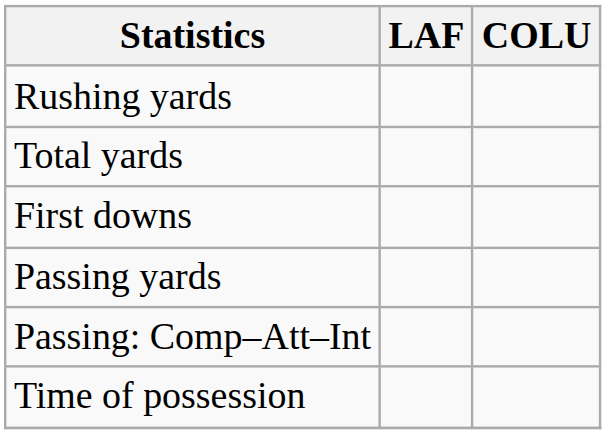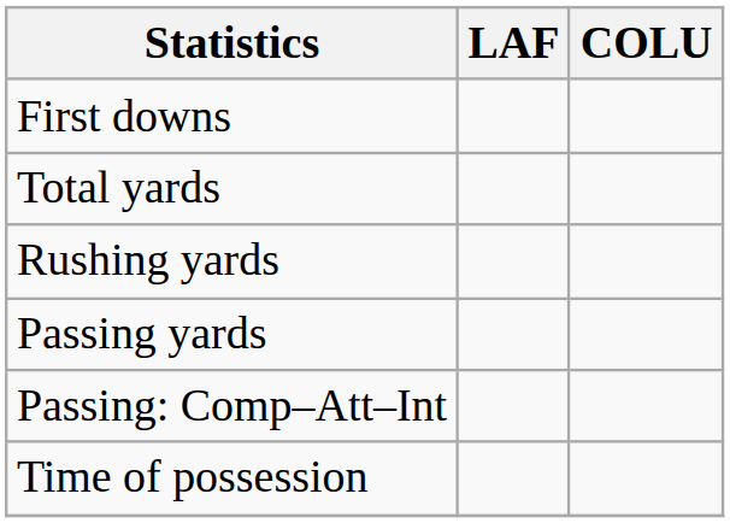 <table class="wikitable" style="float: left;">
 <tr>
 <th>Statistics</th>
 <th>LAF</th>
 <th>COLU</th>
 </tr>
 <tr>
-<td>Rushing yards</td>
+<td>First downs</td>
 <td></td>
 <td></td>
 </tr>
 <tr>
 <td>Total yards</td>
 <td></td>
 <td></td>
 </tr>
 <tr>
-<td>First downs</td>
+<td>Rushing yards</td>
 <td></td>
 <td></td>
 </tr>
 <tr>
 <td>Passing yards</td>
 <td></td>
 <td></td>
 </tr>
 <tr>
 <td>Passing: Comp–Att–Int</td>
 <td></td>
 <td></td>
 </tr>
 <tr>
 <td>Time of possession</td>
 <td></td>
 <td></td>
 </tr>
 <tr>
 </tr>
 </table>
